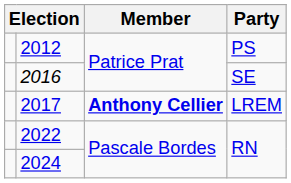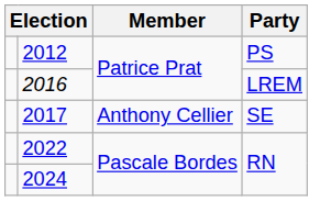 <table class="wikitable">
 <tr>
 <th colspan="2">Election</th>
 <th>Member</th>
 <th>Party</th>
 </tr>
 <tr>
 <td style="color:inherit;background-color:"></td>
 <td><a href='#'>2012</a></td>
 <td rowspan="2"><a href='#'>Patrice Prat</a></td>
 <td><a href='#'>PS</a></td>
 </tr>
 <tr>
 <td style="color:inherit;background-color: "></td>
 <td><em>2016</em></td>
-<td><a href='#'>SE</a></td>
+<td><a href='#'>LREM</a></td>
 </tr>
 <tr>
 <td style="color:inherit;background-color: "></td>
 <td><a href='#'>2017</a></td>
-<td><strong><a href='#'>Anthony Cellier</a></strong></td>
-<td><a href='#'>LREM</a></td>
+<td><a href='#'>Anthony Cellier</a></td>
+<td><a href='#'>SE</a></td>
 </tr>
 <tr>
 <td style="color:inherit;background-color: "></td>
 <td><a href='#'>2022</a></td>
 <td rowspan="2"><a href='#'>Pascale Bordes</a></td>
 <td rowspan="2"><a href='#'>RN</a></td>
 </tr>
 <tr>
 <td style="color:inherit;background-color: "></td>
 <td><a href='#'>2024</a></td>
 </tr>
 </table>
